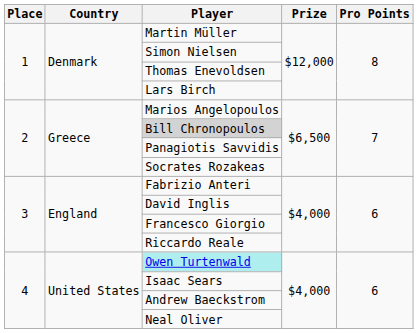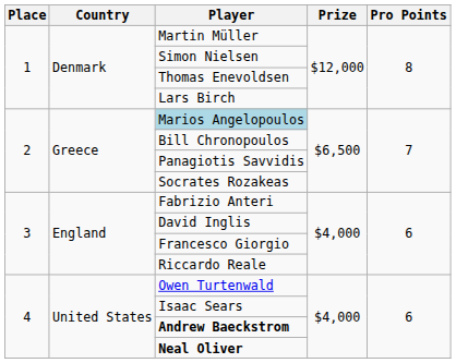 <table class="wikitable">
 <tr>
 <th>Place</th>
 <th>Country</th>
 <th>Player</th>
 <th>Prize</th>
 <th>Pro Points</th>
 </tr>
 <tr>
 <td rowspan="4" align=center>1</td>
 <td rowspan="4"> Denmark</td>
 <td>Martin Müller</td>
 <td rowspan="4" align=center>$12,000</td>
 <td rowspan="4" align=center>8</td>
 </tr>
 <tr>
 <td>Simon Nielsen</td>
 </tr>
 <tr>
 <td>Thomas Enevoldsen</td>
 </tr>
 <tr>
 <td>Lars Birch</td>
 </tr>
 <tr>
 <td rowspan="4" align=center>2</td>
 <td rowspan="4"> Greece</td>
-<td>Marios Angelopoulos</td>
+<td style="background: lightblue;">Marios Angelopoulos</td>
 <td rowspan="4" align=center>$6,500</td>
 <td rowspan="4" align=center>7</td>
 </tr>
 <tr>
-<td style="background: lightgrey;">Bill Chronopoulos</td>
+<td>Bill Chronopoulos</td>
 </tr>
 <tr>
 <td>Panagiotis Savvidis</td>
 </tr>
 <tr>
 <td>Socrates Rozakeas</td>
 </tr>
 <tr>
 <td rowspan="4" align=center>3</td>
 <td rowspan="4"> England</td>
 <td>Fabrizio Anteri</td>
 <td rowspan="4" align=center>$4,000</td>
 <td rowspan="4" align=center>6</td>
 </tr>
 <tr>
 <td>David Inglis</td>
 </tr>
 <tr>
 <td>Francesco Giorgio</td>
 </tr>
 <tr>
 <td>Riccardo Reale</td>
 </tr>
 <tr>
 <td rowspan="4" align=center>4</td>
 <td rowspan="4"> United States</td>
-<td style="background: paleturquoise;"><a href='#'>Owen Turtenwald</a></td>
+<td><a href='#'>Owen Turtenwald</a></td>
 <td rowspan="4" align=center>$4,000</td>
 <td rowspan="4" align=center>6</td>
 </tr>
 <tr>
 <td>Isaac Sears</td>
 </tr>
 <tr>
-<td>Andrew Baeckstrom</td>
+<td><strong>Andrew Baeckstrom</strong></td>
 </tr>
 <tr>
-<td>Neal Oliver</td>
+<td><strong>Neal Oliver</strong></td>
 </tr>
 </table>
